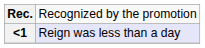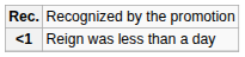 <table class="wikitable sortable">
 <tr>
 <th>Rec.</th>
 <td>Recognized by the promotion</td>
 </tr>
 <tr>
 <th><1</th>
-<td style="background: lavender;">Reign was less than a day</td>
+<td>Reign was less than a day</td>
 </tr>
 <tr>
 </tr>
 </table>
